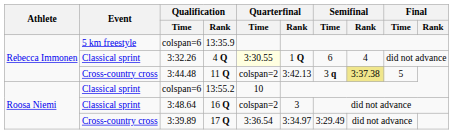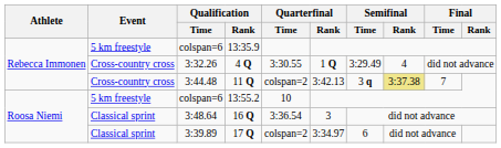 <table class="wikitable" style="font-size:90%">
 <tr>
 <th rowspan="2">Athlete</th>
 <th rowspan="2">Event</th>
 <th colspan="2">Qualification</th>
 <th colspan="2">Quarterfinal</th>
 <th colspan="2">Semifinal</th>
 <th colspan="2">Final</th>
 </tr>
 <tr style="font-size:95%">
 <th>Time</th>
 <th>Rank</th>
 <th>Time</th>
 <th>Rank</th>
 <th>Time</th>
 <th>Rank</th>
 <th>Time</th>
 <th>Rank</th>
 </tr>
 <tr align=center>
 <td align=left rowspan=3><a href='#'>Rebecca Immonen</a></td>
 <td align=left><a href='#'>5 km freestyle</a></td>
 <td>colspan=6 </td>
 <td>13:35.9</td>
 <td></td>
 </tr>
 <tr align=center>
-<td align=left><a href='#'>Classical sprint</a></td>
+<td align=left><a href='#'>Cross-country cross</a></td>
 <td>3:32.26</td>
 <td>4 <strong>Q</strong></td>
-<td style="background: lightyellow;">3:30.55</td>
+<td>3:30.55</td>
 <td>1 <strong>Q</strong></td>
-<td>6</td>
+<td>3:29.49</td>
 <td>4</td>
 <td colspan=2>did not advance</td>
 </tr>
 <tr align=center>
 <td align=left><a href='#'>Cross-country cross</a></td>
 <td>3:44.48</td>
 <td>11 <strong>Q</strong></td>
 <td>colspan=2 </td>
 <td>3:42.13</td>
 <td>3 <strong>q</strong></td>
 <td style="background: khaki;">3:37.38</td>
-<td>5</td>
+<td>7</td>
 </tr>
 <tr align=center>
 <td align=left rowspan=3><a href='#'>Roosa Niemi</a></td>
-<td align=left><a href='#'>Classical sprint</a></td>
+<td align=left><a href='#'>5 km freestyle</a></td>
 <td>colspan=6 </td>
 <td>13:55.2</td>
 <td>10</td>
 </tr>
 <tr align=center>
 <td align=left><a href='#'>Classical sprint</a></td>
 <td>3:48.64</td>
 <td>16 <strong>Q</strong></td>
-<td>colspan=2 </td>
+<td>3:36.54</td>
 <td>3</td>
 <td colspan=4>did not advance</td>
 </tr>
 <tr align=center>
-<td align=left><a href='#'>Cross-country cross</a></td>
+<td align=left><a href='#'>Classical sprint</a></td>
 <td>3:39.89</td>
 <td>17 <strong>Q</strong></td>
-<td>3:36.54</td>
+<td>colspan=2 </td>
 <td>3:34.97</td>
-<td>3:29.49</td>
+<td>6</td>
 <td colspan=2>did not advance</td>
 </tr>
 </table>
